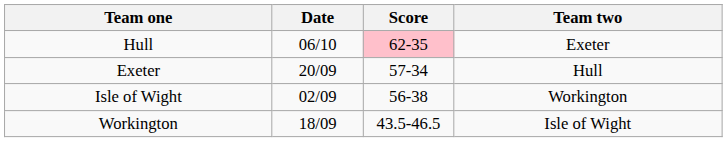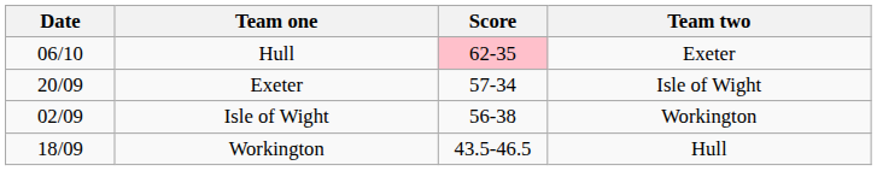 <table class="wikitable" style="text-align: center">
 <tr>
+<th width=80>Date</th>
 <th width=250>Team one</th>
-<th width=80>Date</th>
 <th width=80>Score</th>
 <th width=250>Team two</th>
 </tr>
 <tr>
+<td>06/10</td>
 <td>Hull</td>
-<td>06/10</td>
 <td style="background: pink;">62-35</td>
 <td>Exeter</td>
 </tr>
 <tr>
+<td>20/09</td>
 <td>Exeter</td>
-<td>20/09</td>
 <td>57-34</td>
-<td>Hull</td>
+<td>Isle of Wight</td>
 </tr>
 <tr>
+<td>02/09</td>
 <td>Isle of Wight</td>
-<td>02/09</td>
 <td>56-38</td>
 <td>Workington</td>
 </tr>
 <tr>
+<td>18/09</td>
 <td>Workington</td>
-<td>18/09</td>
 <td>43.5-46.5</td>
-<td>Isle of Wight</td>
+<td>Hull</td>
 </tr>
 </table>
